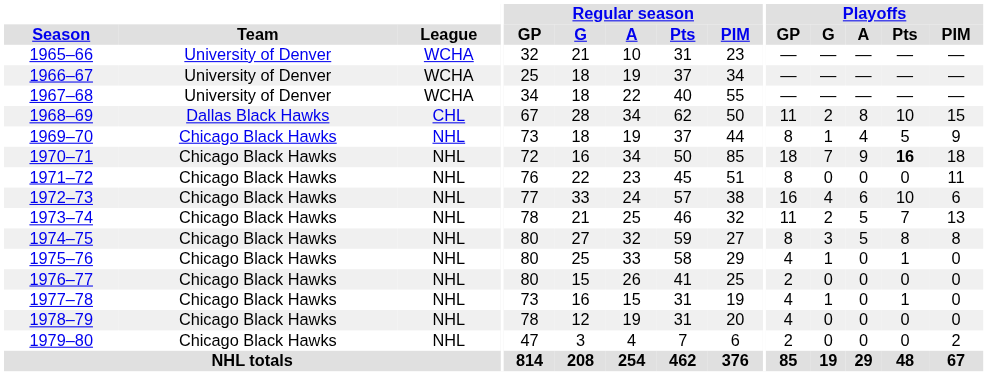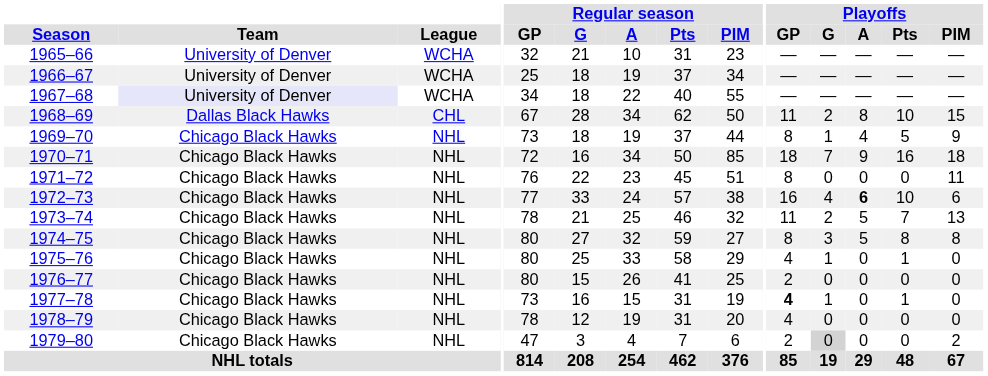 <table border="0" cellpadding="1" cellspacing="0" style="text-align:center; width:60em">
 <tr bgcolor="#e0e0e0">
 <th colspan="3" bgcolor="#ffffff"></th>
 <th rowspan="100" bgcolor="#ffffff"></th>
 <th colspan="5"><a href='#'>Regular season</a></th>
 <th rowspan="100" bgcolor="#ffffff"></th>
 <th colspan="5"><a href='#'>Playoffs</a></th>
 </tr>
 <tr bgcolor="#e0e0e0">
 <th><a href='#'>Season</a></th>
 <th>Team</th>
 <th>League</th>
 <th>GP</th>
 <th><a href='#'>G</a></th>
 <th><a href='#'>A</a></th>
 <th><a href='#'>Pts</a></th>
 <th><a href='#'>PIM</a></th>
 <th>GP</th>
 <th>G</th>
 <th>A</th>
 <th>Pts</th>
 <th>PIM</th>
 </tr>
 <tr>
 <td><a href='#'>1965–66</a></td>
 <td><a href='#'>University of Denver</a></td>
 <td><a href='#'>WCHA</a></td>
 <td>32</td>
 <td>21</td>
 <td>10</td>
 <td>31</td>
 <td>23</td>
 <td>—</td>
 <td>—</td>
 <td>—</td>
 <td>—</td>
 <td>—</td>
 </tr>
 <tr bgcolor="#f0f0f0">
 <td><a href='#'>1966–67</a></td>
 <td>University of Denver</td>
 <td>WCHA</td>
 <td>25</td>
 <td>18</td>
 <td>19</td>
 <td>37</td>
 <td>34</td>
 <td>—</td>
 <td>—</td>
 <td>—</td>
 <td>—</td>
 <td>—</td>
 </tr>
 <tr>
 <td><a href='#'>1967–68</a></td>
-<td>University of Denver</td>
+<td style="background: lavender;">University of Denver</td>
 <td>WCHA</td>
 <td>34</td>
 <td>18</td>
 <td>22</td>
 <td>40</td>
 <td>55</td>
 <td>—</td>
 <td>—</td>
 <td>—</td>
 <td>—</td>
 <td>—</td>
 </tr>
 <tr bgcolor="#f0f0f0">
 <td><a href='#'>1968–69</a></td>
 <td><a href='#'>Dallas Black Hawks</a></td>
 <td><a href='#'>CHL</a></td>
 <td>67</td>
 <td>28</td>
 <td>34</td>
 <td>62</td>
 <td>50</td>
 <td>11</td>
 <td>2</td>
 <td>8</td>
 <td>10</td>
 <td>15</td>
 </tr>
 <tr>
 <td><a href='#'>1969–70</a></td>
 <td><a href='#'>Chicago Black Hawks</a></td>
 <td><a href='#'>NHL</a></td>
 <td>73</td>
 <td>18</td>
 <td>19</td>
 <td>37</td>
 <td>44</td>
 <td>8</td>
 <td>1</td>
 <td>4</td>
 <td>5</td>
 <td>9</td>
 </tr>
 <tr bgcolor="#f0f0f0">
 <td><a href='#'>1970–71</a></td>
 <td>Chicago Black Hawks</td>
 <td>NHL</td>
 <td>72</td>
 <td>16</td>
 <td>34</td>
 <td>50</td>
 <td>85</td>
 <td>18</td>
 <td>7</td>
 <td>9</td>
-<td><strong>16</strong></td>
+<td>16</td>
 <td>18</td>
 </tr>
 <tr>
 <td><a href='#'>1971–72</a></td>
 <td>Chicago Black Hawks</td>
 <td>NHL</td>
 <td>76</td>
 <td>22</td>
 <td>23</td>
 <td>45</td>
 <td>51</td>
 <td>8</td>
 <td>0</td>
 <td>0</td>
 <td>0</td>
 <td>11</td>
 </tr>
 <tr bgcolor="#f0f0f0">
 <td><a href='#'>1972–73</a></td>
 <td>Chicago Black Hawks</td>
 <td>NHL</td>
 <td>77</td>
 <td>33</td>
 <td>24</td>
 <td>57</td>
 <td>38</td>
 <td>16</td>
 <td>4</td>
-<td>6</td>
+<td><strong>6</strong></td>
 <td>10</td>
 <td>6</td>
 </tr>
 <tr>
 <td><a href='#'>1973–74</a></td>
 <td>Chicago Black Hawks</td>
 <td>NHL</td>
 <td>78</td>
 <td>21</td>
 <td>25</td>
 <td>46</td>
 <td>32</td>
 <td>11</td>
 <td>2</td>
 <td>5</td>
 <td>7</td>
 <td>13</td>
 </tr>
 <tr bgcolor="#f0f0f0">
 <td><a href='#'>1974–75</a></td>
 <td>Chicago Black Hawks</td>
 <td>NHL</td>
 <td>80</td>
 <td>27</td>
 <td>32</td>
 <td>59</td>
 <td>27</td>
 <td>8</td>
 <td>3</td>
 <td>5</td>
 <td>8</td>
 <td>8</td>
 </tr>
 <tr>
 <td><a href='#'>1975–76</a></td>
 <td>Chicago Black Hawks</td>
 <td>NHL</td>
 <td>80</td>
 <td>25</td>
 <td>33</td>
 <td>58</td>
 <td>29</td>
 <td>4</td>
 <td>1</td>
 <td>0</td>
 <td>1</td>
 <td>0</td>
 </tr>
 <tr bgcolor="#f0f0f0">
 <td><a href='#'>1976–77</a></td>
 <td>Chicago Black Hawks</td>
 <td>NHL</td>
 <td>80</td>
 <td>15</td>
 <td>26</td>
 <td>41</td>
 <td>25</td>
 <td>2</td>
 <td>0</td>
 <td>0</td>
 <td>0</td>
 <td>0</td>
 </tr>
 <tr>
 <td><a href='#'>1977–78</a></td>
 <td>Chicago Black Hawks</td>
 <td>NHL</td>
 <td>73</td>
 <td>16</td>
 <td>15</td>
 <td>31</td>
 <td>19</td>
-<td>4</td>
+<td><strong>4</strong></td>
 <td>1</td>
 <td>0</td>
 <td>1</td>
 <td>0</td>
 </tr>
 <tr bgcolor="#f0f0f0">
 <td><a href='#'>1978–79</a></td>
 <td>Chicago Black Hawks</td>
 <td>NHL</td>
 <td>78</td>
 <td>12</td>
 <td>19</td>
 <td>31</td>
 <td>20</td>
 <td>4</td>
 <td>0</td>
 <td>0</td>
 <td>0</td>
 <td>0</td>
 </tr>
 <tr>
 <td><a href='#'>1979–80</a></td>
 <td>Chicago Black Hawks</td>
 <td>NHL</td>
 <td>47</td>
 <td>3</td>
 <td>4</td>
 <td>7</td>
 <td>6</td>
 <td>2</td>
-<td>0</td>
+<td style="background: lightgrey;">0</td>
 <td>0</td>
 <td>0</td>
 <td>2</td>
 </tr>
 <tr bgcolor="#e0e0e0">
 <th colspan="3">NHL totals</th>
 <th>814</th>
 <th>208</th>
 <th>254</th>
 <th>462</th>
 <th>376</th>
 <th>85</th>
 <th>19</th>
 <th>29</th>
 <th>48</th>
 <th>67</th>
 </tr>
 </table>
